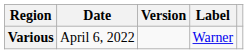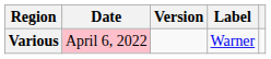 <table class="wikitable plainrowheaders">
 <tr>
 <th scope="col">Region</th>
 <th scope="col">Date</th>
 <th scope="col">Version</th>
 <th scope="col">Label</th>
 <th scope="col"></th>
 </tr>
 <tr>
 <th rowspan="2" scope="row">Various</th>
-<td>April 6, 2022</td>
+<td style="background: pink;">April 6, 2022</td>
 <td rowspan="2"></td>
 <td><a href='#'>Warner</a></td>
 <td></td>
 </tr>
 </table>
